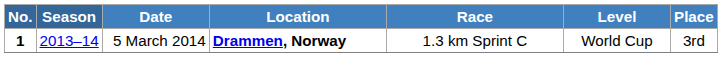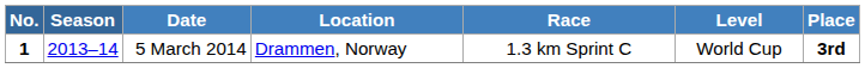 <table class="wikitable sortable" style="font-size:95%; text-align:center; border:grey solid 1px; border-collapse:collapse; background:#ffffff;">
 <tr style="background:#efefef;">
 <th style="background-color:#369; color:white;">No.</th>
 <th style="background-color:#369; color:white;">Season</th>
 <th style="background-color:#4180be; color:white; width:100px;">Date</th>
 <th style="background-color:#4180be; color:white; width:170px;">Location</th>
 <th style="background-color:#4180be; color:white; width:170px;">Race</th>
 <th style="background-color:#4180be; color:white; width:100px;">Level</th>
 <th style="background-color:#4180be; color:white;">Place</th>
 </tr>
 <tr>
 <td align=center><strong>1</strong></td>
 <td rowspan=1 align=center><a href='#'>2013–14</a></td>
 <td align=right>5 March 2014</td>
-<td align=left><strong> <a href='#'>Drammen</a>, Norway</strong></td>
+<td align=left> <a href='#'>Drammen</a>, Norway</td>
 <td>1.3 km Sprint C</td>
 <td>World Cup</td>
-<td>3rd</td>
+<td><strong>3rd</strong></td>
 </tr>
 <tr>
 </tr>
 </table>
